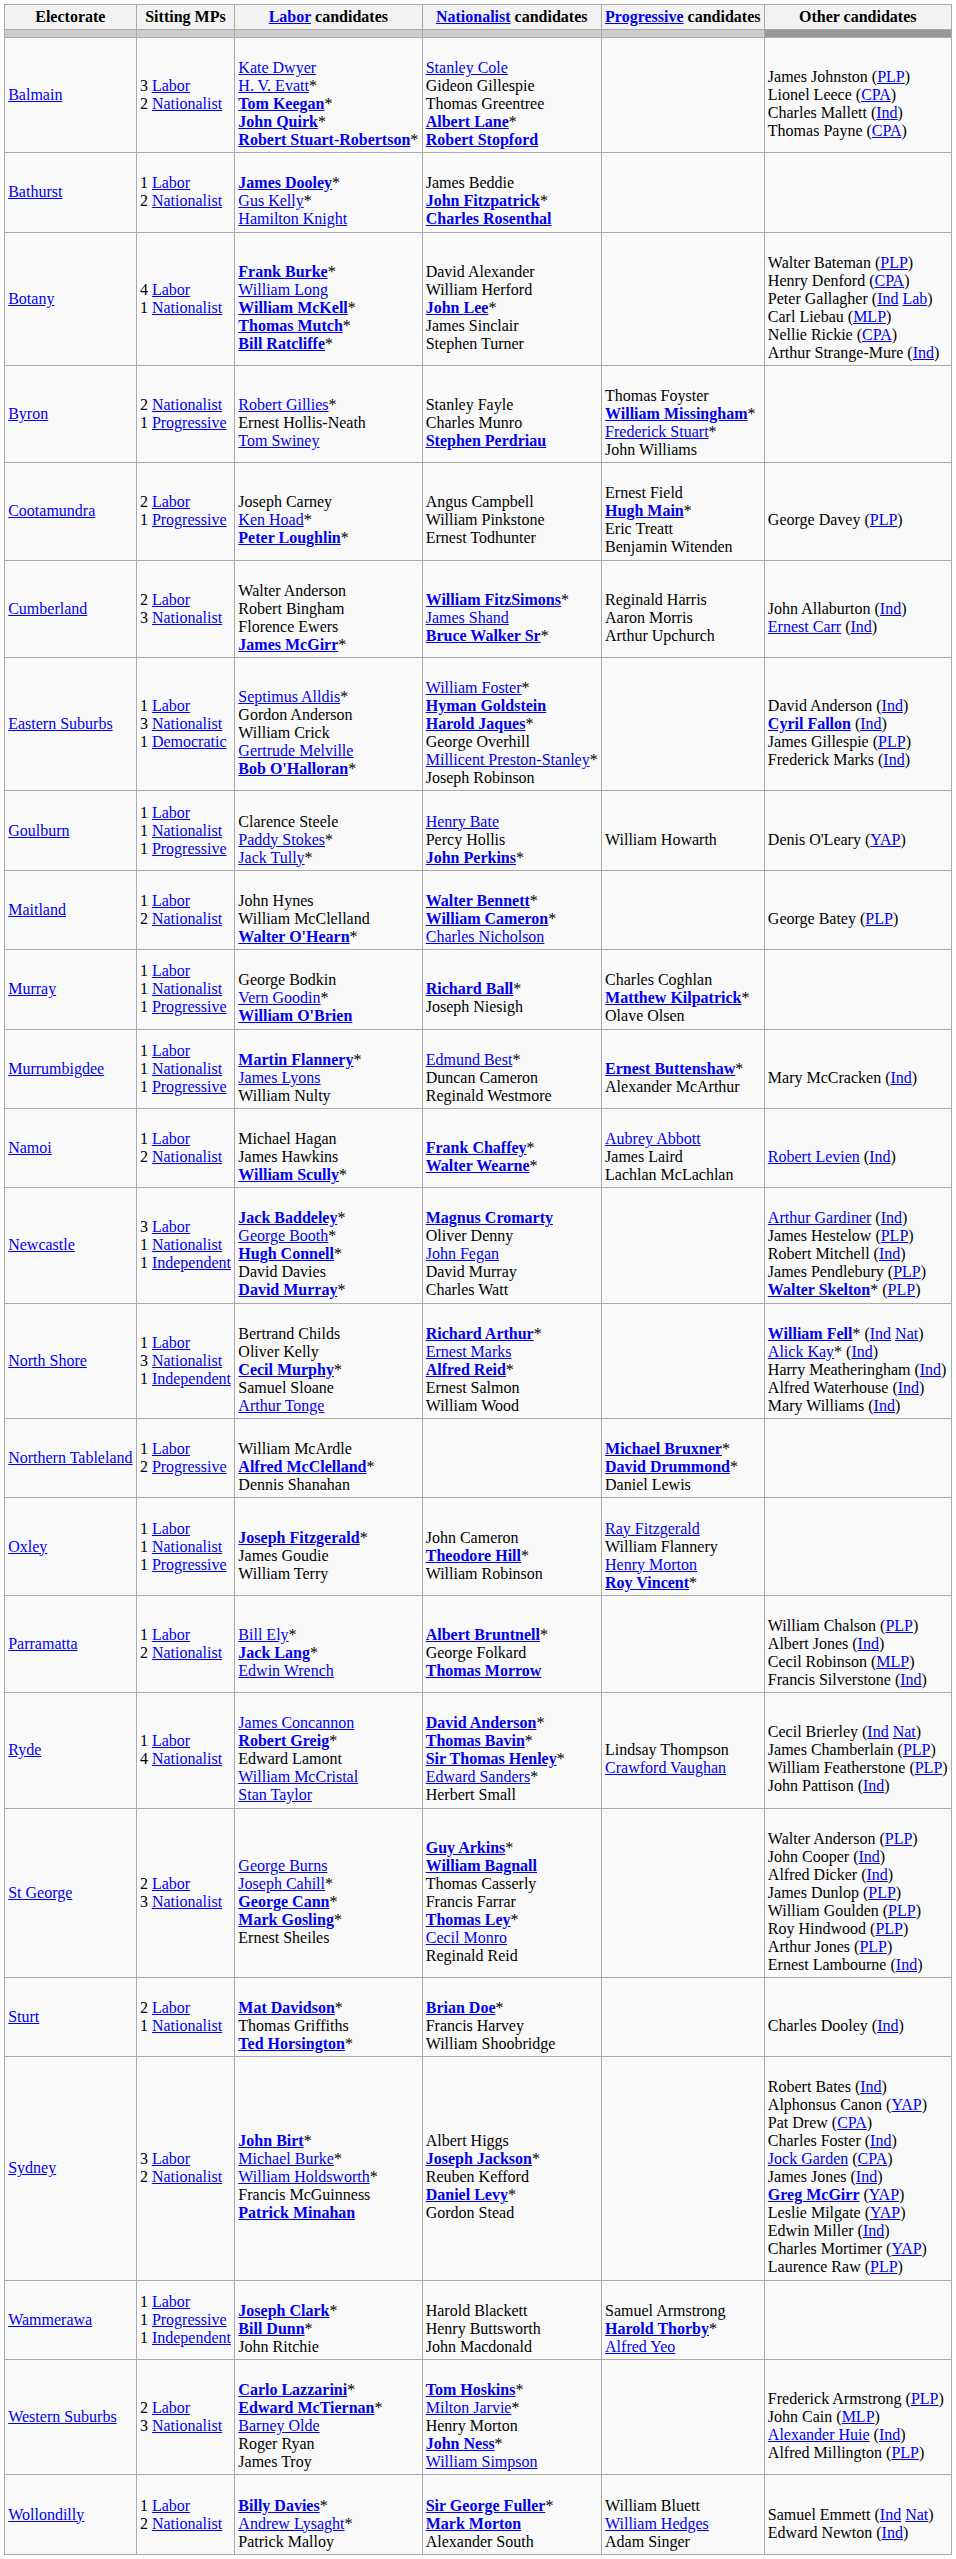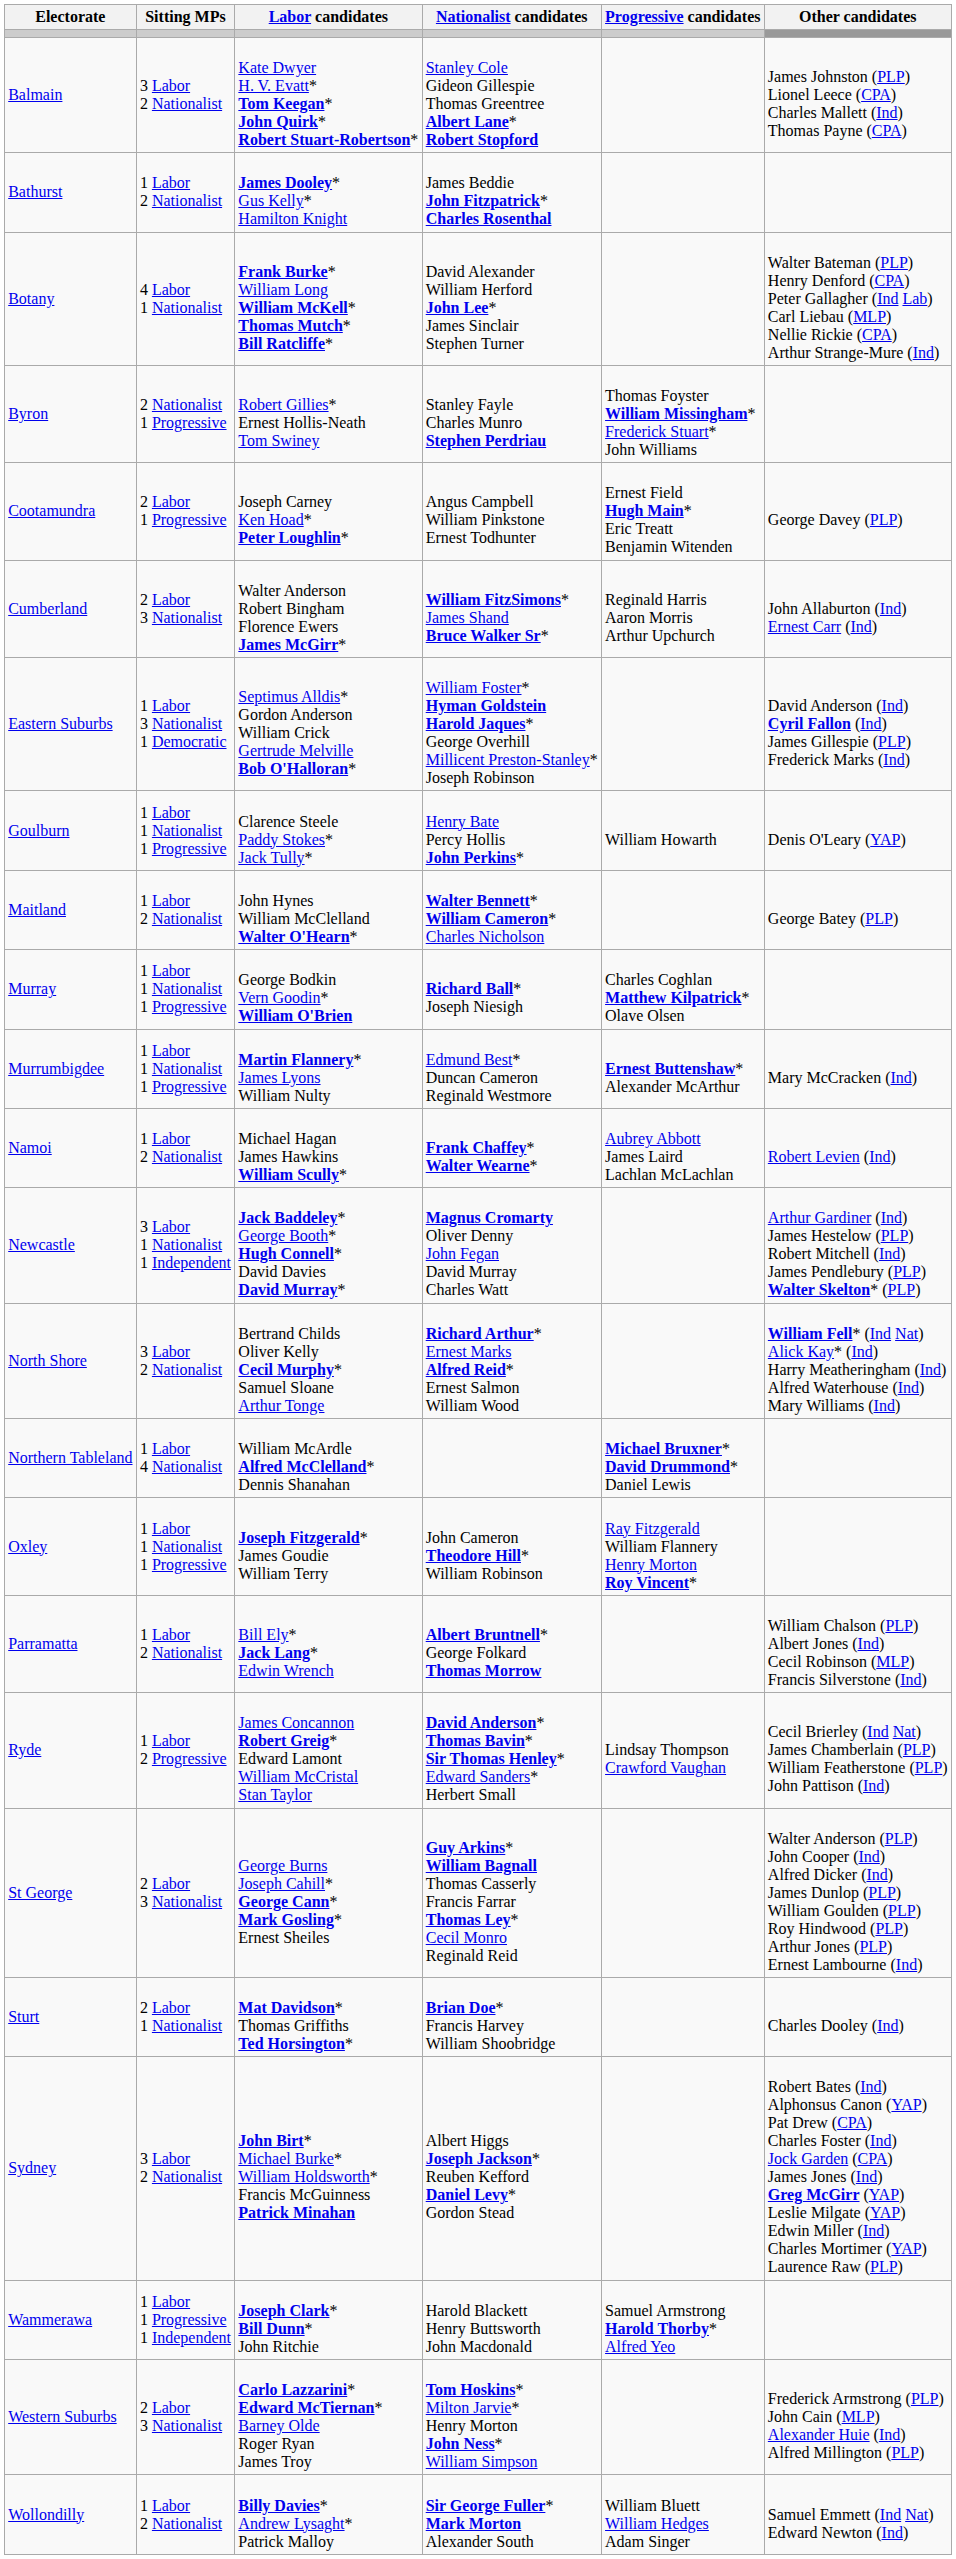 <table class="wikitable">
 <tr>
 <th>Electorate</th>
 <th>Sitting MPs</th>
 <th><a href='#'>Labor</a> candidates</th>
 <th><a href='#'>Nationalist</a> candidates</th>
 <th><a href='#'>Progressive</a> candidates</th>
 <th>Other candidates</th>
 </tr>
 <tr bgcolor="#cccccc">
 <td></td>
 <td></td>
 <td></td>
 <td></td>
 <td></td>
 <td bgcolor="#999999"></td>
 </tr>
 <tr>
 <td><a href='#'>Balmain</a></td>
 <td>3 <a href='#'>Labor</a><br>2 <a href='#'>Nationalist</a></td>
 <td><br><a href='#'>Kate Dwyer</a><br> <a href='#'>H. V. Evatt</a>*<br> <strong><a href='#'>Tom Keegan</a></strong>*<br> <strong><a href='#'>John Quirk</a></strong>*<br> <strong><a href='#'>Robert Stuart-Robertson</a></strong>*</td>
 <td><br><a href='#'>Stanley Cole</a><br> Gideon Gillespie<br> Thomas Greentree<br> <strong><a href='#'>Albert Lane</a></strong>*<br> <strong><a href='#'>Robert Stopford</a></strong></td>
 <td></td>
 <td><br>James Johnston (<a href='#'>PLP</a>)<br> Lionel Leece (<a href='#'>CPA</a>)<br> Charles Mallett (<a href='#'>Ind</a>)<br> Thomas Payne (<a href='#'>CPA</a>)</td>
 </tr>
 <tr>
 <td><a href='#'>Bathurst</a></td>
 <td>1 <a href='#'>Labor</a><br>2 <a href='#'>Nationalist</a></td>
 <td><br><strong><a href='#'>James Dooley</a></strong>*<br> <a href='#'>Gus Kelly</a>*<br> <a href='#'>Hamilton Knight</a></td>
 <td><br>James Beddie<br> <strong><a href='#'>John Fitzpatrick</a></strong>*<br> <strong><a href='#'>Charles Rosenthal</a></strong></td>
 <td></td>
 <td></td>
 </tr>
 <tr>
 <td><a href='#'>Botany</a></td>
 <td>4 <a href='#'>Labor</a><br>1 <a href='#'>Nationalist</a></td>
 <td><br><strong><a href='#'>Frank Burke</a></strong>*<br> <a href='#'>William Long</a><br> <strong><a href='#'>William McKell</a></strong>*<br> <strong><a href='#'>Thomas Mutch</a></strong>*<br> <strong><a href='#'>Bill Ratcliffe</a></strong>*</td>
 <td><br>David Alexander<br> William Herford<br> <strong><a href='#'>John Lee</a></strong>*<br> James Sinclair<br> Stephen Turner</td>
 <td></td>
 <td><br>Walter Bateman (<a href='#'>PLP</a>)<br> Henry Denford (<a href='#'>CPA</a>)<br> Peter Gallagher (<a href='#'>Ind</a> <a href='#'>Lab</a>)<br> Carl Liebau (<a href='#'>MLP</a>)<br> Nellie Rickie (<a href='#'>CPA</a>)<br> Arthur Strange-Mure (<a href='#'>Ind</a>)</td>
 </tr>
 <tr>
 <td><a href='#'>Byron</a></td>
 <td>2 <a href='#'>Nationalist</a><br>1 <a href='#'>Progressive</a></td>
 <td><br><a href='#'>Robert Gillies</a>*<br> Ernest Hollis-Neath<br> <a href='#'>Tom Swiney</a></td>
 <td><br>Stanley Fayle<br> Charles Munro<br> <strong><a href='#'>Stephen Perdriau</a></strong></td>
 <td><br>Thomas Foyster<br> <strong><a href='#'>William Missingham</a></strong>*<br> <a href='#'>Frederick Stuart</a>*<br> John Williams</td>
 <td></td>
 </tr>
 <tr>
 <td><a href='#'>Cootamundra</a></td>
 <td>2 <a href='#'>Labor</a><br>1 <a href='#'>Progressive</a></td>
 <td><br>Joseph Carney<br> <a href='#'>Ken Hoad</a>*<br> <strong><a href='#'>Peter Loughlin</a></strong>*</td>
 <td><br>Angus Campbell<br> William Pinkstone<br> Ernest Todhunter</td>
 <td><br>Ernest Field<br> <strong><a href='#'>Hugh Main</a></strong>*<br> Eric Treatt<br> Benjamin Witenden</td>
 <td><br>George Davey (<a href='#'>PLP</a>)</td>
 </tr>
 <tr>
 <td><a href='#'>Cumberland</a></td>
 <td>2 <a href='#'>Labor</a><br>3 <a href='#'>Nationalist</a></td>
 <td><br>Walter Anderson<br> Robert Bingham<br> Florence Ewers<br> <strong><a href='#'>James McGirr</a></strong>*</td>
 <td><br><strong><a href='#'>William FitzSimons</a></strong>*<br> <a href='#'>James Shand</a><br> <strong><a href='#'>Bruce Walker Sr</a></strong>*</td>
 <td><br>Reginald Harris<br> Aaron Morris<br> Arthur Upchurch<br></td>
 <td><br>John Allaburton (<a href='#'>Ind</a>)<br> <a href='#'>Ernest Carr</a> (<a href='#'>Ind</a>)</td>
 </tr>
 <tr>
 <td><a href='#'>Eastern Suburbs</a></td>
 <td>1 <a href='#'>Labor</a><br>3 <a href='#'>Nationalist</a><br>1 <a href='#'>Democratic</a></td>
 <td><br><a href='#'>Septimus Alldis</a>*<br> Gordon Anderson<br> William Crick<br> <a href='#'>Gertrude Melville</a><br> <strong><a href='#'>Bob O'Halloran</a></strong>*</td>
 <td><br><a href='#'>William Foster</a>*<br> <strong><a href='#'>Hyman Goldstein</a></strong><br> <strong><a href='#'>Harold Jaques</a></strong>*<br> George Overhill<br> <a href='#'>Millicent Preston-Stanley</a>*<br> Joseph Robinson</td>
 <td></td>
 <td><br>David Anderson (<a href='#'>Ind</a>)<br> <strong><a href='#'>Cyril Fallon</a></strong> (<a href='#'>Ind</a>)<br> James Gillespie (<a href='#'>PLP</a>)<br> Frederick Marks (<a href='#'>Ind</a>)</td>
 </tr>
 <tr>
 <td><a href='#'>Goulburn</a></td>
 <td>1 <a href='#'>Labor</a><br>1 <a href='#'>Nationalist</a><br>1 <a href='#'>Progressive</a></td>
 <td><br>Clarence Steele<br> <a href='#'>Paddy Stokes</a>*<br> <a href='#'>Jack Tully</a>*<br></td>
 <td><br><a href='#'>Henry Bate</a><br> Percy Hollis<br> <strong><a href='#'>John Perkins</a></strong>*</td>
 <td><br>William Howarth</td>
 <td><br>Denis O'Leary (<a href='#'>YAP</a>)</td>
 </tr>
 <tr>
 <td><a href='#'>Maitland</a></td>
 <td>1 <a href='#'>Labor</a><br>2 <a href='#'>Nationalist</a></td>
 <td><br>John Hynes<br> William McClelland<br> <strong><a href='#'>Walter O'Hearn</a></strong>*</td>
 <td><br><strong><a href='#'>Walter Bennett</a></strong>*<br> <strong><a href='#'>William Cameron</a></strong>*<br> <a href='#'>Charles Nicholson</a></td>
 <td></td>
 <td><br>George Batey (<a href='#'>PLP</a>)</td>
 </tr>
 <tr>
 <td><a href='#'>Murray</a></td>
 <td>1 <a href='#'>Labor</a><br>1 <a href='#'>Nationalist</a><br>1 <a href='#'>Progressive</a></td>
 <td><br>George Bodkin<br> <a href='#'>Vern Goodin</a>*<br> <strong><a href='#'>William O'Brien</a></strong></td>
 <td><br><strong><a href='#'>Richard Ball</a></strong>*<br> Joseph Niesigh</td>
 <td><br>Charles Coghlan<br> <strong><a href='#'>Matthew Kilpatrick</a></strong>*<br> Olave Olsen</td>
 <td></td>
 </tr>
 <tr>
 <td><a href='#'>Murrumbigdee</a></td>
 <td>1 <a href='#'>Labor</a><br>1 <a href='#'>Nationalist</a><br>1 <a href='#'>Progressive</a></td>
 <td><br><strong><a href='#'>Martin Flannery</a></strong>*<br> <a href='#'>James Lyons</a><br> William Nulty</td>
 <td><br><a href='#'>Edmund Best</a>*<br> Duncan Cameron<br> Reginald Westmore</td>
 <td><br><strong><a href='#'>Ernest Buttenshaw</a></strong>*<br> Alexander McArthur</td>
 <td><br>Mary McCracken (<a href='#'>Ind</a>)</td>
 </tr>
 <tr>
 <td><a href='#'>Namoi</a></td>
 <td>1 <a href='#'>Labor</a><br>2 <a href='#'>Nationalist</a></td>
 <td><br>Michael Hagan<br> James Hawkins<br> <strong><a href='#'>William Scully</a></strong>*</td>
 <td><br><strong><a href='#'>Frank Chaffey</a></strong>*<br> <strong><a href='#'>Walter Wearne</a></strong>*</td>
 <td><br><a href='#'>Aubrey Abbott</a><br> James Laird<br> Lachlan McLachlan</td>
 <td><br><a href='#'>Robert Levien</a> (<a href='#'>Ind</a>)</td>
 </tr>
 <tr>
 <td><a href='#'>Newcastle</a></td>
 <td>3 <a href='#'>Labor</a><br>1 <a href='#'>Nationalist</a><br>1 <a href='#'>Independent</a></td>
 <td><br><strong><a href='#'>Jack Baddeley</a></strong>*<br> <a href='#'>George Booth</a>*<br> <strong><a href='#'>Hugh Connell</a></strong>*<br> David Davies<br> <strong><a href='#'>David Murray</a></strong>*</td>
 <td><br><strong><a href='#'>Magnus Cromarty</a></strong><br> Oliver Denny<br> <a href='#'>John Fegan</a><br> David Murray<br> Charles Watt</td>
 <td></td>
 <td><br><a href='#'>Arthur Gardiner</a> (<a href='#'>Ind</a>)<br> James Hestelow (<a href='#'>PLP</a>)<br> Robert Mitchell (<a href='#'>Ind</a>)<br> James Pendlebury (<a href='#'>PLP</a>)<br> <strong><a href='#'>Walter Skelton</a></strong>* (<a href='#'>PLP</a>)</td>
 </tr>
 <tr>
 <td><a href='#'>North Shore</a></td>
-<td>1 <a href='#'>Labor</a><br>3 <a href='#'>Nationalist</a><br>1 <a href='#'>Independent</a></td>
+<td>3 <a href='#'>Labor</a><br>2 <a href='#'>Nationalist</a></td>
 <td><br>Bertrand Childs<br> Oliver Kelly<br> <strong><a href='#'>Cecil Murphy</a></strong>*<br> Samuel Sloane<br> <a href='#'>Arthur Tonge</a></td>
 <td><br><strong><a href='#'>Richard Arthur</a></strong>*<br> <a href='#'>Ernest Marks</a><br> <strong><a href='#'>Alfred Reid</a></strong>*<br> Ernest Salmon<br> William Wood</td>
 <td></td>
 <td><br><strong><a href='#'>William Fell</a></strong>* (<a href='#'>Ind</a> <a href='#'>Nat</a>)<br> <a href='#'>Alick Kay</a>* (<a href='#'>Ind</a>)<br> Harry Meatheringham (<a href='#'>Ind</a>)<br> Alfred Waterhouse (<a href='#'>Ind</a>)<br> Mary Williams (<a href='#'>Ind</a>)</td>
 </tr>
 <tr>
 <td><a href='#'>Northern Tableland</a></td>
-<td>1 <a href='#'>Labor</a><br>2 <a href='#'>Progressive</a></td>
+<td>1 <a href='#'>Labor</a><br>4 <a href='#'>Nationalist</a></td>
 <td><br>William McArdle<br> <strong><a href='#'>Alfred McClelland</a></strong>*<br> Dennis Shanahan</td>
 <td></td>
 <td><br><strong><a href='#'>Michael Bruxner</a></strong>*<br> <strong><a href='#'>David Drummond</a></strong>*<br> Daniel Lewis</td>
 <td></td>
 </tr>
 <tr>
 <td><a href='#'>Oxley</a></td>
 <td>1 <a href='#'>Labor</a><br>1 <a href='#'>Nationalist</a><br>1 <a href='#'>Progressive</a></td>
 <td><br><strong><a href='#'>Joseph Fitzgerald</a></strong>*<br> James Goudie<br> William Terry</td>
 <td><br>John Cameron<br> <strong><a href='#'>Theodore Hill</a></strong>*<br> William Robinson</td>
 <td><br><a href='#'>Ray Fitzgerald</a><br> William Flannery<br> <a href='#'>Henry Morton</a><br> <strong><a href='#'>Roy Vincent</a></strong>*</td>
 <td></td>
 </tr>
 <tr>
 <td><a href='#'>Parramatta</a></td>
 <td>1 <a href='#'>Labor</a><br>2 <a href='#'>Nationalist</a></td>
 <td><br><a href='#'>Bill Ely</a>*<br> <strong><a href='#'>Jack Lang</a></strong>*<br> <a href='#'>Edwin Wrench</a></td>
 <td><br><strong><a href='#'>Albert Bruntnell</a></strong>*<br> George Folkard<br> <strong><a href='#'>Thomas Morrow</a></strong></td>
 <td></td>
 <td><br>William Chalson (<a href='#'>PLP</a>)<br> Albert Jones (<a href='#'>Ind</a>)<br> Cecil Robinson (<a href='#'>MLP</a>)<br> Francis Silverstone (<a href='#'>Ind</a>)</td>
 </tr>
 <tr>
 <td><a href='#'>Ryde</a></td>
-<td>1 <a href='#'>Labor</a><br>4 <a href='#'>Nationalist</a></td>
+<td>1 <a href='#'>Labor</a><br>2 <a href='#'>Progressive</a></td>
 <td><br><a href='#'>James Concannon</a><br> <strong><a href='#'>Robert Greig</a></strong>*<br> Edward Lamont<br> <a href='#'>William McCristal</a><br> <a href='#'>Stan Taylor</a></td>
 <td><br><strong><a href='#'>David Anderson</a></strong>*<br> <strong><a href='#'>Thomas Bavin</a></strong>*<br> <strong><a href='#'>Sir Thomas Henley</a></strong>*<br> <a href='#'>Edward Sanders</a>*<br> Herbert Small</td>
 <td><br>Lindsay Thompson<br> <a href='#'>Crawford Vaughan</a></td>
 <td><br>Cecil Brierley (<a href='#'>Ind</a> <a href='#'>Nat</a>)<br> James Chamberlain (<a href='#'>PLP</a>)<br> William Featherstone (<a href='#'>PLP</a>)<br> John Pattison (<a href='#'>Ind</a>)</td>
 </tr>
 <tr>
 <td><a href='#'>St George</a></td>
 <td>2 <a href='#'>Labor</a><br>3 <a href='#'>Nationalist</a></td>
 <td><br><a href='#'>George Burns</a><br> <a href='#'>Joseph Cahill</a>*<br> <strong><a href='#'>George Cann</a></strong>*<br> <strong><a href='#'>Mark Gosling</a></strong>*<br> Ernest Sheiles</td>
 <td><br><strong><a href='#'>Guy Arkins</a></strong>*<br> <strong><a href='#'>William Bagnall</a></strong><br> Thomas Casserly<br> Francis Farrar<br> <strong><a href='#'>Thomas Ley</a></strong>*<br> <a href='#'>Cecil Monro</a><br> Reginald Reid<br></td>
 <td></td>
 <td><br>Walter Anderson (<a href='#'>PLP</a>)<br> John Cooper (<a href='#'>Ind</a>)<br> Alfred Dicker (<a href='#'>Ind</a>)<br> James Dunlop (<a href='#'>PLP</a>)<br> William Goulden (<a href='#'>PLP</a>)<br> Roy Hindwood (<a href='#'>PLP</a>)<br> Arthur Jones (<a href='#'>PLP</a>)<br> Ernest Lambourne (<a href='#'>Ind</a>)</td>
 </tr>
 <tr>
 <td><a href='#'>Sturt</a></td>
 <td>2 <a href='#'>Labor</a><br>1 <a href='#'>Nationalist</a></td>
 <td><br><strong><a href='#'>Mat Davidson</a></strong>*<br> Thomas Griffiths<br> <strong><a href='#'>Ted Horsington</a></strong>*</td>
 <td><br><strong><a href='#'>Brian Doe</a></strong>*<br> Francis Harvey<br> William Shoobridge</td>
 <td></td>
 <td><br>Charles Dooley (<a href='#'>Ind</a>)</td>
 </tr>
 <tr>
 <td><a href='#'>Sydney</a></td>
 <td>3 <a href='#'>Labor</a><br>2 <a href='#'>Nationalist</a></td>
 <td><br><strong><a href='#'>John Birt</a></strong>*<br> <a href='#'>Michael Burke</a>*<br> <a href='#'>William Holdsworth</a>*<br> Francis McGuinness<br> <strong><a href='#'>Patrick Minahan</a></strong></td>
 <td><br>Albert Higgs<br> <strong><a href='#'>Joseph Jackson</a></strong>*<br> Reuben Kefford<br> <strong><a href='#'>Daniel Levy</a></strong>*<br> Gordon Stead</td>
 <td></td>
 <td><br>Robert Bates (<a href='#'>Ind</a>)<br> Alphonsus Canon (<a href='#'>YAP</a>)<br> Pat Drew (<a href='#'>CPA</a>)<br> Charles Foster (<a href='#'>Ind</a>)<br> <a href='#'>Jock Garden</a> (<a href='#'>CPA</a>)<br> James Jones (<a href='#'>Ind</a>)<br> <strong><a href='#'>Greg McGirr</a></strong> (<a href='#'>YAP</a>)<br> Leslie Milgate (<a href='#'>YAP</a>)<br> Edwin Miller (<a href='#'>Ind</a>)<br> Charles Mortimer (<a href='#'>YAP</a>)<br> Laurence Raw (<a href='#'>PLP</a>)</td>
 </tr>
 <tr>
 <td><a href='#'>Wammerawa</a></td>
 <td>1 <a href='#'>Labor</a><br>1 <a href='#'>Progressive</a><br>1 <a href='#'>Independent</a></td>
 <td><br><strong><a href='#'>Joseph Clark</a></strong>*<br> <strong><a href='#'>Bill Dunn</a></strong>*<br> John Ritchie</td>
 <td><br>Harold Blackett<br> Henry Buttsworth<br> John Macdonald</td>
 <td><br>Samuel Armstrong<br> <strong><a href='#'>Harold Thorby</a></strong>*<br> <a href='#'>Alfred Yeo</a></td>
 </tr>
 <tr>
 <td><a href='#'>Western Suburbs</a></td>
 <td>2 <a href='#'>Labor</a><br>3 <a href='#'>Nationalist</a></td>
 <td><br><strong><a href='#'>Carlo Lazzarini</a></strong>*<br> <strong><a href='#'>Edward McTiernan</a></strong>*<br> <a href='#'>Barney Olde</a><br> Roger Ryan<br> James Troy</td>
 <td><br><strong><a href='#'>Tom Hoskins</a></strong>*<br> <a href='#'>Milton Jarvie</a>*<br> Henry Morton<br> <strong><a href='#'>John Ness</a></strong>*<br> <a href='#'>William Simpson</a></td>
 <td></td>
 <td><br>Frederick Armstrong (<a href='#'>PLP</a>)<br> John Cain (<a href='#'>MLP</a>)<br> <a href='#'>Alexander Huie</a> (<a href='#'>Ind</a>)<br> Alfred Millington (<a href='#'>PLP</a>)</td>
 </tr>
 <tr>
 <td><a href='#'>Wollondilly</a></td>
 <td>1 <a href='#'>Labor</a><br>2 <a href='#'>Nationalist</a></td>
 <td><br><strong><a href='#'>Billy Davies</a></strong>*<br> <a href='#'>Andrew Lysaght</a>*<br> Patrick Malloy</td>
 <td><br><strong><a href='#'>Sir George Fuller</a></strong>*<br> <strong><a href='#'>Mark Morton</a></strong><br> Alexander South</td>
 <td><br>William Bluett<br> <a href='#'>William Hedges</a><br> Adam Singer<br></td>
 <td><br>Samuel Emmett (<a href='#'>Ind</a> <a href='#'>Nat</a>)<br> Edward Newton (<a href='#'>Ind</a>)</td>
 </tr>
 </table>
